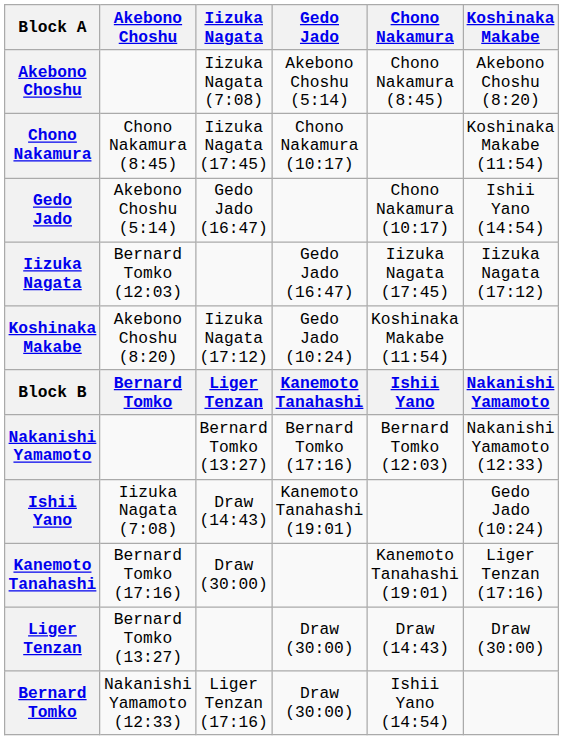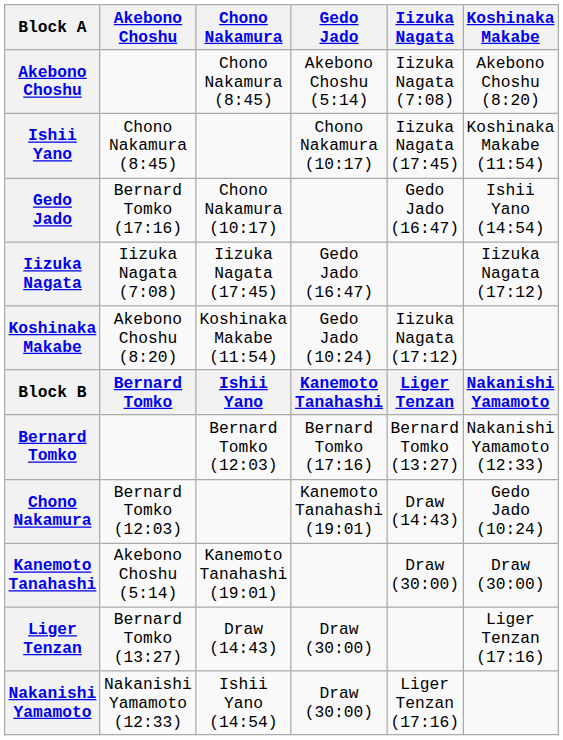 <table class="wikitable" style="text-align:center; margin: 1em auto 1em auto">
 <tr align="center">
 <th>Block A</th>
 <th><a href='#'>Akebono</a><br><a href='#'>Choshu</a></th>
+<th><a href='#'>Chono</a><br><a href='#'>Nakamura</a></th>
+<th><a href='#'>Gedo</a><br><a href='#'>Jado</a></th>
 <th><a href='#'>Iizuka</a><br><a href='#'>Nagata</a></th>
-<th><a href='#'>Gedo</a><br><a href='#'>Jado</a></th>
-<th><a href='#'>Chono</a><br><a href='#'>Nakamura</a></th>
 <th><a href='#'>Koshinaka</a><br><a href='#'>Makabe</a></th>
 </tr>
 <tr align="center">
 <th><a href='#'>Akebono</a><br><a href='#'>Choshu</a></th>
 <td></td>
+<td>Chono<br>Nakamura<br>(8:45)</td>
+<td>Akebono<br>Choshu<br>(5:14)</td>
 <td>Iizuka<br>Nagata<br>(7:08)</td>
-<td>Akebono<br>Choshu<br>(5:14)</td>
-<td>Chono<br>Nakamura<br>(8:45)</td>
 <td>Akebono<br>Choshu<br>(8:20)</td>
 </tr>
 <tr align="center">
-<th><a href='#'>Chono</a><br><a href='#'>Nakamura</a></th>
+<th><a href='#'>Ishii</a><br><a href='#'>Yano</a></th>
 <td>Chono<br>Nakamura<br>(8:45)</td>
+<td></td>
+<td>Chono<br>Nakamura<br>(10:17)</td>
 <td>Iizuka<br>Nagata<br>(17:45)</td>
-<td>Chono<br>Nakamura<br>(10:17)</td>
-<td></td>
 <td>Koshinaka<br>Makabe<br>(11:54)</td>
 </tr>
 <tr align="center">
 <th><a href='#'>Gedo</a><br><a href='#'>Jado</a></th>
-<td>Akebono<br>Choshu<br>(5:14)</td>
+<td>Bernard<br>Tomko<br>(17:16)</td>
+<td>Chono<br>Nakamura<br>(10:17)</td>
+<td></td>
 <td>Gedo<br>Jado<br>(16:47)</td>
-<td></td>
-<td>Chono<br>Nakamura<br>(10:17)</td>
 <td>Ishii<br>Yano<br>(14:54)</td>
 </tr>
 <tr align="center">
 <th><a href='#'>Iizuka</a><br><a href='#'>Nagata</a></th>
-<td>Bernard<br>Tomko<br>(12:03)</td>
+<td>Iizuka<br>Nagata<br>(7:08)</td>
+<td>Iizuka<br>Nagata<br>(17:45)</td>
+<td>Gedo<br>Jado<br>(16:47)</td>
 <td></td>
-<td>Gedo<br>Jado<br>(16:47)</td>
-<td>Iizuka<br>Nagata<br>(17:45)</td>
 <td>Iizuka<br>Nagata<br>(17:12)</td>
 </tr>
 <tr align="center">
 <th><a href='#'>Koshinaka</a><br><a href='#'>Makabe</a></th>
 <td>Akebono<br>Choshu<br>(8:20)</td>
+<td>Koshinaka<br>Makabe<br>(11:54)</td>
+<td>Gedo<br>Jado<br>(10:24)</td>
 <td>Iizuka<br>Nagata<br>(17:12)</td>
-<td>Gedo<br>Jado<br>(10:24)</td>
-<td>Koshinaka<br>Makabe<br>(11:54)</td>
 <td></td>
 </tr>
 <tr align="center">
 <th>Block B</th>
 <th><a href='#'>Bernard</a><br><a href='#'>Tomko</a></th>
+<th><a href='#'>Ishii</a><br><a href='#'>Yano</a></th>
+<th><a href='#'>Kanemoto</a><br><a href='#'>Tanahashi</a></th>
 <th><a href='#'>Liger</a><br><a href='#'>Tenzan</a></th>
-<th><a href='#'>Kanemoto</a><br><a href='#'>Tanahashi</a></th>
-<th><a href='#'>Ishii</a><br><a href='#'>Yano</a></th>
 <th><a href='#'>Nakanishi</a><br><a href='#'>Yamamoto</a></th>
 </tr>
 <tr align="center">
-<th><a href='#'>Nakanishi</a><br><a href='#'>Yamamoto</a></th>
+<th><a href='#'>Bernard</a><br><a href='#'>Tomko</a></th>
 <td></td>
+<td>Bernard<br>Tomko<br>(12:03)</td>
+<td>Bernard<br>Tomko<br>(17:16)</td>
 <td>Bernard<br>Tomko<br>(13:27)</td>
-<td>Bernard<br>Tomko<br>(17:16)</td>
-<td>Bernard<br>Tomko<br>(12:03)</td>
 <td>Nakanishi<br>Yamamoto<br>(12:33)</td>
 </tr>
 <tr align="center">
-<th><a href='#'>Ishii</a><br><a href='#'>Yano</a></th>
-<td>Iizuka<br>Nagata<br>(7:08)</td>
+<th><a href='#'>Chono</a><br><a href='#'>Nakamura</a></th>
+<td>Bernard<br>Tomko<br>(12:03)</td>
+<td></td>
+<td>Kanemoto<br>Tanahashi<br>(19:01)</td>
 <td>Draw<br>(14:43)</td>
-<td>Kanemoto<br>Tanahashi<br>(19:01)</td>
-<td></td>
 <td>Gedo<br>Jado<br>(10:24)</td>
 </tr>
 <tr align="center">
 <th><a href='#'>Kanemoto</a><br><a href='#'>Tanahashi</a></th>
-<td>Bernard<br>Tomko<br>(17:16)</td>
+<td>Akebono<br>Choshu<br>(5:14)</td>
+<td>Kanemoto<br>Tanahashi<br>(19:01)</td>
+<td></td>
 <td>Draw<br>(30:00)</td>
-<td></td>
-<td>Kanemoto<br>Tanahashi<br>(19:01)</td>
-<td>Liger<br>Tenzan<br>(17:16)</td>
+<td>Draw<br>(30:00)</td>
 </tr>
 <tr align="center">
 <th><a href='#'>Liger</a><br><a href='#'>Tenzan</a></th>
 <td>Bernard<br>Tomko<br>(13:27)</td>
-<td></td>
-<td>Draw<br>(30:00)</td>
 <td>Draw<br>(14:43)</td>
 <td>Draw<br>(30:00)</td>
+<td></td>
+<td>Liger<br>Tenzan<br>(17:16)</td>
 </tr>
 <tr align="center">
-<th><a href='#'>Bernard</a><br><a href='#'>Tomko</a></th>
+<th><a href='#'>Nakanishi</a><br><a href='#'>Yamamoto</a></th>
 <td>Nakanishi<br>Yamamoto<br>(12:33)</td>
+<td>Ishii<br>Yano<br>(14:54)</td>
+<td>Draw<br>(30:00)</td>
 <td>Liger<br>Tenzan<br>(17:16)</td>
-<td>Draw<br>(30:00)</td>
-<td>Ishii<br>Yano<br>(14:54)</td>
 <td></td>
 </tr>
 </table>
